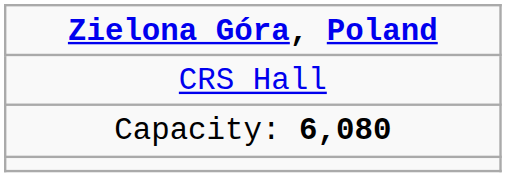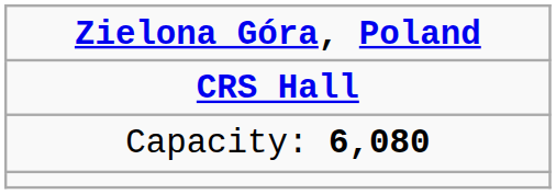 <table class=wikitable style=text-align:center width=210>
 <tr>
 <td><strong> <a href='#'>Zielona Góra</a>, <a href='#'>Poland</a></strong></td>
 </tr>
 <tr>
-<td><a href='#'>CRS Hall</a></td>
+<td><strong><a href='#'>CRS Hall</a></strong></td>
 </tr>
 <tr>
 <td>Capacity: <strong>6,080</strong></td>
 </tr>
 <tr>
 <td></td>
 </tr>
 </table>
